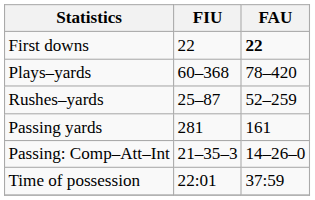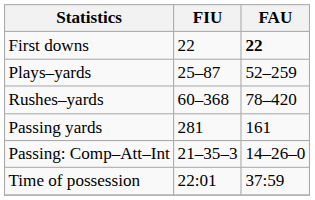 <table class="wikitable" style="float: left;">
 <tr>
 <th>Statistics</th>
 <th>FIU</th>
 <th>FAU</th>
 </tr>
 <tr>
 <td>First downs</td>
 <td>22</td>
 <td><strong>22</strong></td>
 </tr>
 <tr>
 <td>Plays–yards</td>
-<td>60–368</td>
-<td>78–420</td>
+<td>25–87</td>
+<td>52–259</td>
 </tr>
 <tr>
 <td>Rushes–yards</td>
-<td>25–87</td>
-<td>52–259</td>
+<td>60–368</td>
+<td>78–420</td>
 </tr>
 <tr>
 <td>Passing yards</td>
 <td>281</td>
 <td>161</td>
 </tr>
 <tr>
 <td>Passing: Comp–Att–Int</td>
 <td>21–35–3</td>
 <td>14–26–0</td>
 </tr>
 <tr>
 <td>Time of possession</td>
 <td>22:01</td>
 <td>37:59</td>
 </tr>
 <tr>
 </tr>
 </table>
